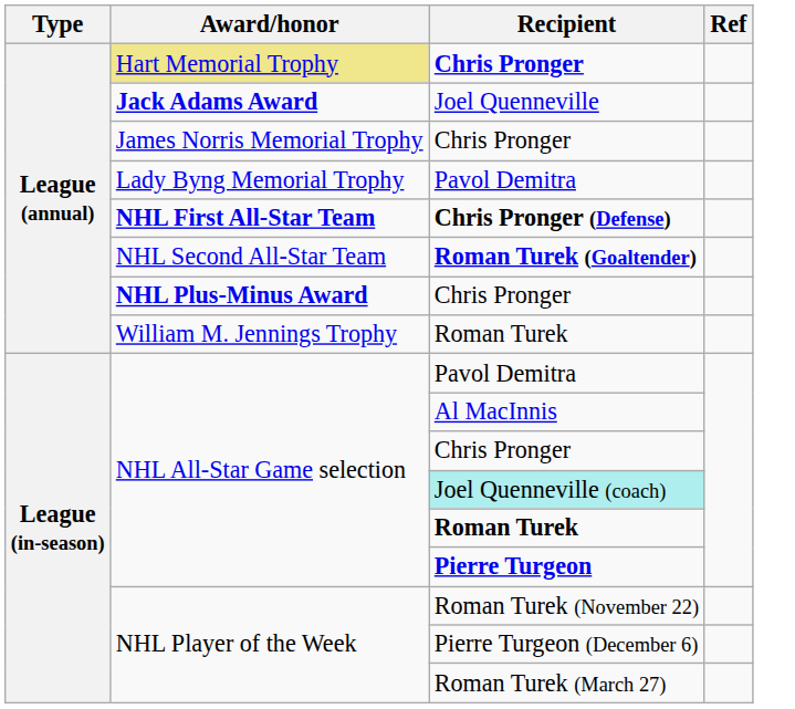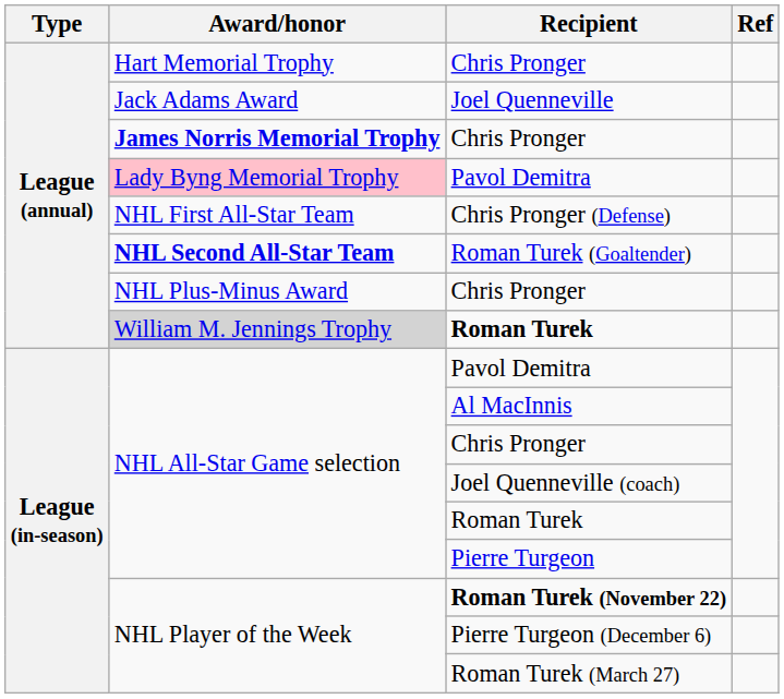 <table class="wikitable">
 <tr>
 <th scope="col">Type</th>
 <th scope="col">Award/honor</th>
 <th scope="col">Recipient</th>
 <th scope="col">Ref</th>
 </tr>
 <tr>
 <th scope="row" rowspan="8">League<br><small>(annual)</small></th>
-<td style="background: khaki;"><a href='#'>Hart Memorial Trophy</a></td>
-<td><strong><a href='#'>Chris Pronger</a></strong></td>
+<td><a href='#'>Hart Memorial Trophy</a></td>
+<td><a href='#'>Chris Pronger</a></td>
 <td></td>
 </tr>
 <tr>
-<td><strong><a href='#'>Jack Adams Award</a></strong></td>
+<td><a href='#'>Jack Adams Award</a></td>
 <td><a href='#'>Joel Quenneville</a></td>
 <td></td>
 </tr>
 <tr>
-<td><a href='#'>James Norris Memorial Trophy</a></td>
+<td><strong><a href='#'>James Norris Memorial Trophy</a></strong></td>
 <td>Chris Pronger</td>
 <td></td>
 </tr>
 <tr>
-<td><a href='#'>Lady Byng Memorial Trophy</a></td>
+<td style="background: pink;"><a href='#'>Lady Byng Memorial Trophy</a></td>
 <td><a href='#'>Pavol Demitra</a></td>
 <td></td>
 </tr>
 <tr>
-<td><strong><a href='#'>NHL First All-Star Team</a></strong></td>
-<td><strong>Chris Pronger <small>(<a href='#'>Defense</a>)</small></strong></td>
+<td><a href='#'>NHL First All-Star Team</a></td>
+<td>Chris Pronger <small>(<a href='#'>Defense</a>)</small></td>
 <td></td>
 </tr>
 <tr>
-<td><a href='#'>NHL Second All-Star Team</a></td>
-<td><strong><a href='#'>Roman Turek</a> <small>(<a href='#'>Goaltender</a>)</small></strong></td>
+<td><strong><a href='#'>NHL Second All-Star Team</a></strong></td>
+<td><a href='#'>Roman Turek</a> <small>(<a href='#'>Goaltender</a>)</small></td>
 <td></td>
 </tr>
 <tr>
-<td><strong><a href='#'>NHL Plus-Minus Award</a></strong></td>
+<td><a href='#'>NHL Plus-Minus Award</a></td>
 <td>Chris Pronger</td>
 <td></td>
 </tr>
 <tr>
-<td><a href='#'>William M. Jennings Trophy</a></td>
-<td>Roman Turek</td>
+<td style="background: lightgrey;"><a href='#'>William M. Jennings Trophy</a></td>
+<td><strong>Roman Turek</strong></td>
 <td></td>
 </tr>
 <tr>
 <th scope="row" rowspan="9">League<br><small>(in-season)</small></th>
 <td rowspan="6"><a href='#'>NHL All-Star Game</a> selection</td>
 <td>Pavol Demitra</td>
 <td rowspan="6"></td>
 </tr>
 <tr>
 <td><a href='#'>Al MacInnis</a></td>
 </tr>
 <tr>
 <td>Chris Pronger</td>
 </tr>
 <tr>
-<td style="background: paleturquoise;">Joel Quenneville <small>(coach)</small></td>
+<td>Joel Quenneville <small>(coach)</small></td>
 </tr>
 <tr>
-<td><strong>Roman Turek</strong></td>
+<td>Roman Turek</td>
 </tr>
 <tr>
-<td><strong><a href='#'>Pierre Turgeon</a></strong></td>
+<td><a href='#'>Pierre Turgeon</a></td>
 </tr>
 <tr>
 <td rowspan="3">NHL Player of the Week</td>
-<td>Roman Turek <small>(November 22)</small></td>
+<td><strong>Roman Turek <small>(November 22)</small></strong></td>
 <td></td>
 </tr>
 <tr>
 <td>Pierre Turgeon <small>(December 6)</small></td>
 <td></td>
 </tr>
 <tr>
 <td>Roman Turek <small>(March 27)</small></td>
 <td></td>
 </tr>
 </table>
